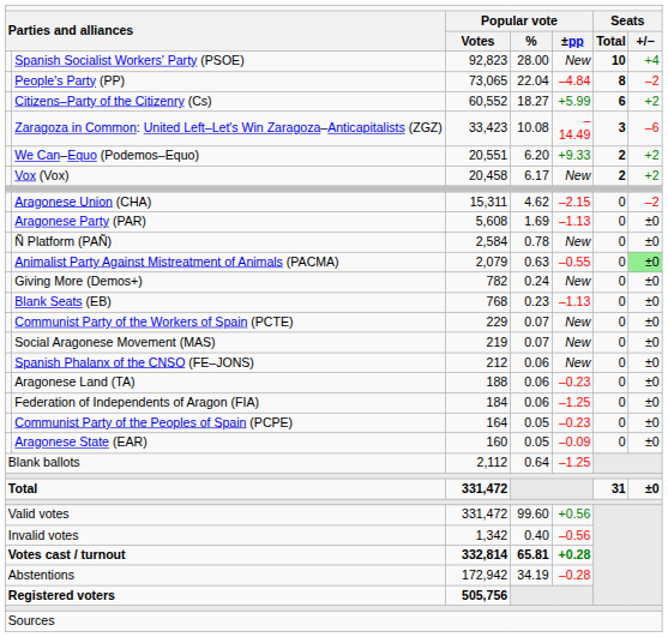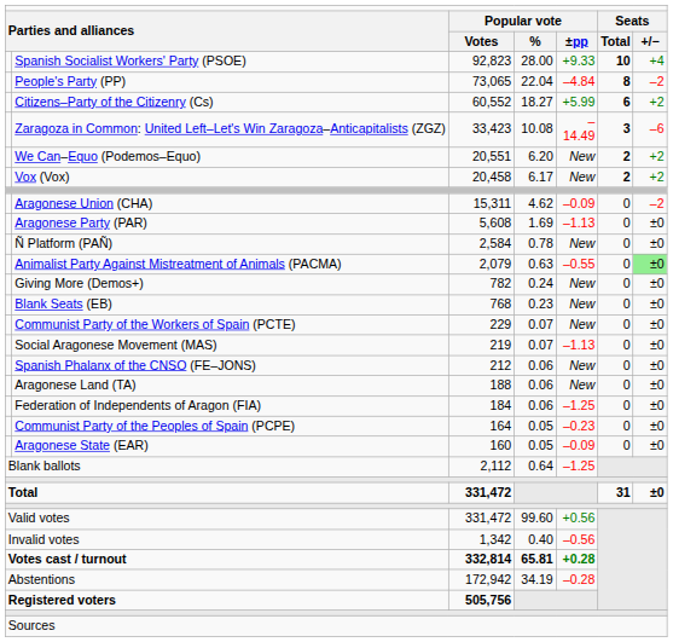 <table class="wikitable" style="text-align:right;">
 <tr>
 <td colspan="7"></td>
 </tr>
 <tr>
 <th style="text-align:left;" rowspan="2" colspan="2" width="525">Parties and alliances</th>
 <th colspan="3">Popular vote</th>
 <th colspan="2">Seats</th>
 </tr>
 <tr>
 <th width="75">Votes</th>
 <th width="45">%</th>
 <th width="45">±<a href='#'>pp</a></th>
 <th width="35">Total</th>
 <th width="35">+/−</th>
 </tr>
 <tr>
 <td width="1" style="color:inherit;background:"></td>
 <td align="left"><a href='#'>Spanish Socialist Workers' Party</a> (PSOE)</td>
 <td>92,823</td>
 <td>28.00</td>
-<td><em>New</em></td>
+<td style="color:green;">+9.33</td>
 <td><strong>10</strong></td>
 <td style="color:green;">+4</td>
 </tr>
 <tr>
 <td style="color:inherit;background:"></td>
 <td align="left"><a href='#'>People's Party</a> (PP)</td>
 <td>73,065</td>
 <td>22.04</td>
 <td style="color:red;">–4.84</td>
 <td><strong>8</strong></td>
 <td style="color:red;">–2</td>
 </tr>
 <tr>
 <td style="color:inherit;background:"></td>
 <td align="left"><a href='#'>Citizens–Party of the Citizenry</a> (Cs)</td>
 <td>60,552</td>
 <td>18.27</td>
 <td style="color:green;">+5.99</td>
 <td><strong>6</strong></td>
 <td style="color:green;">+2</td>
 </tr>
 <tr>
 <td style="color:inherit;background:"></td>
 <td align="left"><a href='#'>Zaragoza in Common</a>: <a href='#'>United Left–Let's Win Zaragoza</a>–<a href='#'>Anticapitalists</a> (ZGZ)</td>
 <td>33,423</td>
 <td>10.08</td>
 <td style="color:red;">–14.49</td>
 <td><strong>3</strong></td>
 <td style="color:red;">–6</td>
 </tr>
 <tr>
 <td style="color:inherit;background:"></td>
 <td align="left"><a href='#'>We Can</a>–<a href='#'>Equo</a> (Podemos–Equo)</td>
 <td>20,551</td>
 <td>6.20</td>
-<td style="color:green;">+9.33</td>
+<td><em>New</em></td>
 <td><strong>2</strong></td>
 <td style="color:green;">+2</td>
 </tr>
 <tr>
 <td style="color:inherit;background:"></td>
 <td align="left"><a href='#'>Vox</a> (Vox)</td>
 <td>20,458</td>
 <td>6.17</td>
 <td><em>New</em></td>
 <td><strong>2</strong></td>
 <td style="color:green;">+2</td>
 </tr>
 <tr>
 <td colspan="7" bgcolor="#C0C0C0"></td>
 </tr>
 <tr>
 <td style="color:inherit;background:"></td>
 <td align="left"><a href='#'>Aragonese Union</a> (CHA)</td>
 <td>15,311</td>
 <td>4.62</td>
-<td style="color:red;">–2.15</td>
+<td style="color:red;">–0.09</td>
 <td>0</td>
 <td style="color:red;">–2</td>
 </tr>
 <tr>
 <td style="color:inherit;background:"></td>
 <td align="left"><a href='#'>Aragonese Party</a> (PAR)</td>
 <td>5,608</td>
 <td>1.69</td>
 <td style="color:red;">–1.13</td>
 <td>0</td>
 <td>±0</td>
 </tr>
 <tr>
 <td style="color:inherit;background:"></td>
 <td align="left">Ñ Platform (PAÑ)</td>
 <td>2,584</td>
 <td>0.78</td>
 <td><em>New</em></td>
 <td>0</td>
 <td>±0</td>
 </tr>
 <tr>
 <td style="color:inherit;background:"></td>
 <td align="left"><a href='#'>Animalist Party Against Mistreatment of Animals</a> (PACMA)</td>
 <td>2,079</td>
 <td>0.63</td>
 <td style="color:red;">–0.55</td>
 <td>0</td>
 <td style="background: lightgreen;">±0</td>
 </tr>
 <tr>
 <td style="color:inherit;background:"></td>
 <td align="left">Giving More (Demos+)</td>
 <td>782</td>
 <td>0.24</td>
 <td><em>New</em></td>
 <td>0</td>
 <td>±0</td>
 </tr>
 <tr>
 <td style="color:inherit;background:"></td>
 <td align="left"><a href='#'>Blank Seats</a> (EB)</td>
 <td>768</td>
 <td>0.23</td>
-<td style="color:red;">–1.13</td>
+<td><em>New</em></td>
 <td>0</td>
 <td>±0</td>
 </tr>
 <tr>
 <td style="color:inherit;background:"></td>
 <td align="left"><a href='#'>Communist Party of the Workers of Spain</a> (PCTE)</td>
 <td>229</td>
 <td>0.07</td>
 <td><em>New</em></td>
 <td>0</td>
 <td>±0</td>
 </tr>
 <tr>
 <td style="color:inherit;background:"></td>
 <td align="left">Social Aragonese Movement (MAS)</td>
 <td>219</td>
 <td>0.07</td>
-<td><em>New</em></td>
+<td style="color:red;">–1.13</td>
 <td>0</td>
 <td>±0</td>
 </tr>
 <tr>
 <td style="color:inherit;background:"></td>
 <td align="left"><a href='#'>Spanish Phalanx of the CNSO</a> (FE–JONS)</td>
 <td>212</td>
 <td>0.06</td>
 <td><em>New</em></td>
 <td>0</td>
 <td>±0</td>
 </tr>
 <tr>
 <td style="color:inherit;background:"></td>
 <td align="left">Aragonese Land (TA)</td>
 <td>188</td>
 <td>0.06</td>
-<td style="color:red;">–0.23</td>
+<td><em>New</em></td>
 <td>0</td>
 <td>±0</td>
 </tr>
 <tr>
 <td style="color:inherit;background:"></td>
 <td align="left">Federation of Independents of Aragon (FIA)</td>
 <td>184</td>
 <td>0.06</td>
 <td style="color:red;">–1.25</td>
 <td>0</td>
 <td>±0</td>
 </tr>
 <tr>
 <td style="color:inherit;background:"></td>
 <td align="left"><a href='#'>Communist Party of the Peoples of Spain</a> (PCPE)</td>
 <td>164</td>
 <td>0.05</td>
 <td style="color:red;">–0.23</td>
 <td>0</td>
 <td>±0</td>
 </tr>
 <tr>
 <td style="color:inherit;background:"></td>
 <td align="left"><a href='#'>Aragonese State</a> (EAR)</td>
 <td>160</td>
 <td>0.05</td>
 <td style="color:red;">–0.09</td>
 <td>0</td>
 <td>±0</td>
 </tr>
 <tr>
 <td align="left" colspan="2">Blank ballots</td>
 <td>2,112</td>
 <td>0.64</td>
 <td style="color:red;">–1.25</td>
 <td bgcolor="#E9E9E9" colspan="2"></td>
 </tr>
 <tr>
 <td colspan="7" bgcolor="#E9E9E9"></td>
 </tr>
 <tr style="font-weight:bold;">
 <td align="left" colspan="2">Total</td>
 <td>331,472</td>
 <td bgcolor="#E9E9E9" colspan="2"></td>
 <td>31</td>
 <td>±0</td>
 </tr>
 <tr>
 <td colspan="7" bgcolor="#E9E9E9"></td>
 </tr>
 <tr>
 <td align="left" colspan="2">Valid votes</td>
 <td>331,472</td>
 <td>99.60</td>
 <td style="color:green;">+0.56</td>
 <td bgcolor="#E9E9E9" colspan="2" rowspan="5"></td>
 </tr>
 <tr>
 <td align="left" colspan="2">Invalid votes</td>
 <td>1,342</td>
 <td>0.40</td>
 <td style="color:red;">–0.56</td>
 </tr>
 <tr style="font-weight:bold;">
 <td align="left" colspan="2">Votes cast / turnout</td>
 <td>332,814</td>
 <td>65.81</td>
 <td style="color:green;">+0.28</td>
 </tr>
 <tr>
 <td align="left" colspan="2">Abstentions</td>
 <td>172,942</td>
 <td>34.19</td>
 <td style="color:red;">–0.28</td>
 </tr>
 <tr style="font-weight:bold;">
 <td align="left" colspan="2">Registered voters</td>
 <td>505,756</td>
 <td bgcolor="#E9E9E9" colspan="2"></td>
 </tr>
 <tr>
 <td colspan="7" bgcolor="#E9E9E9"></td>
 </tr>
 <tr>
 <td align="left" colspan="7">Sources</td>
 </tr>
 </table>
